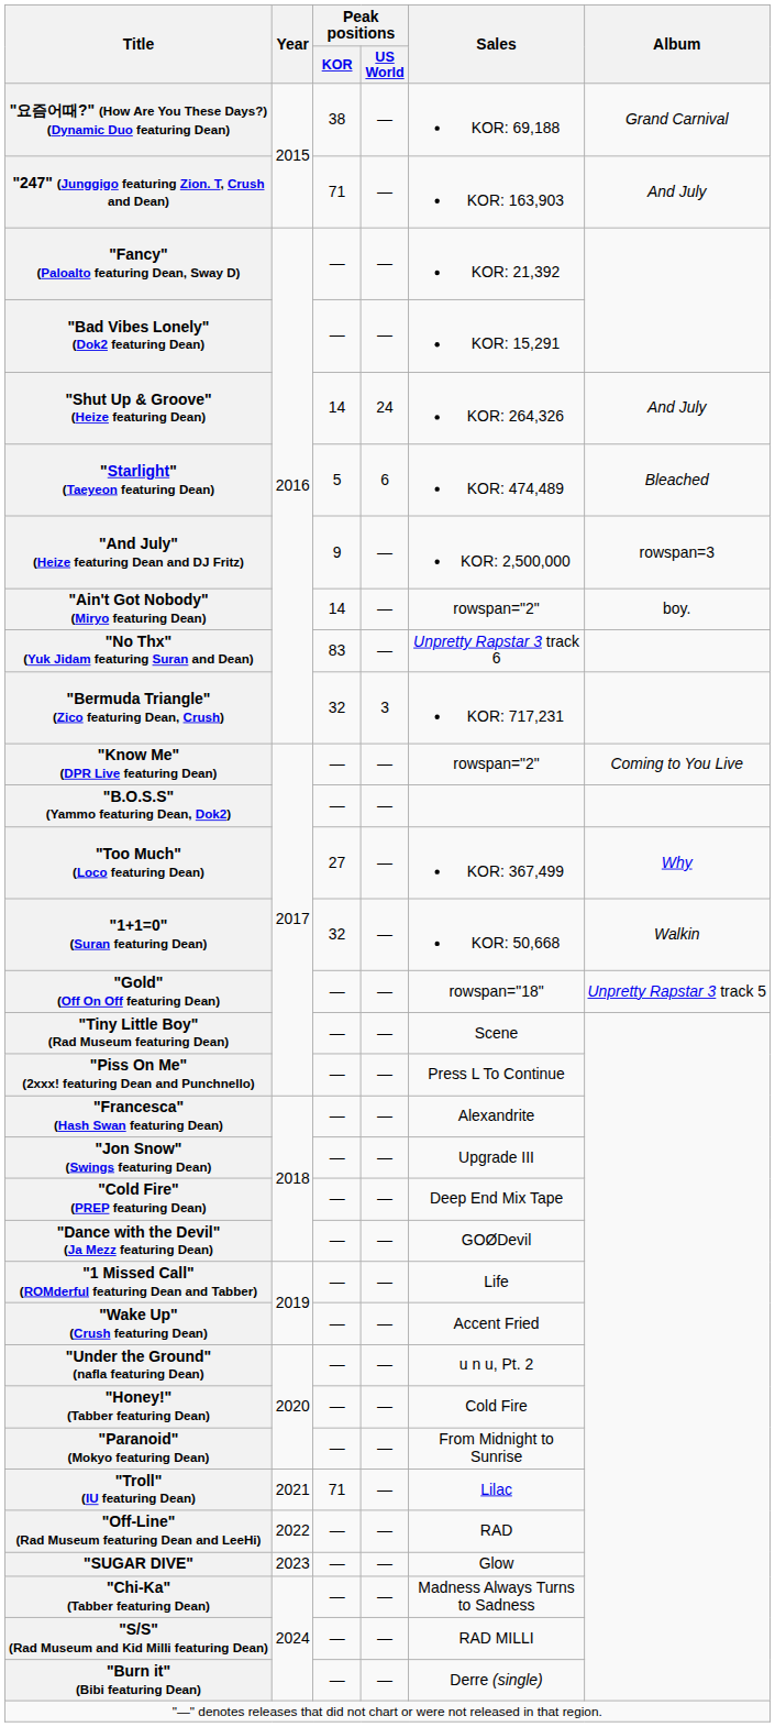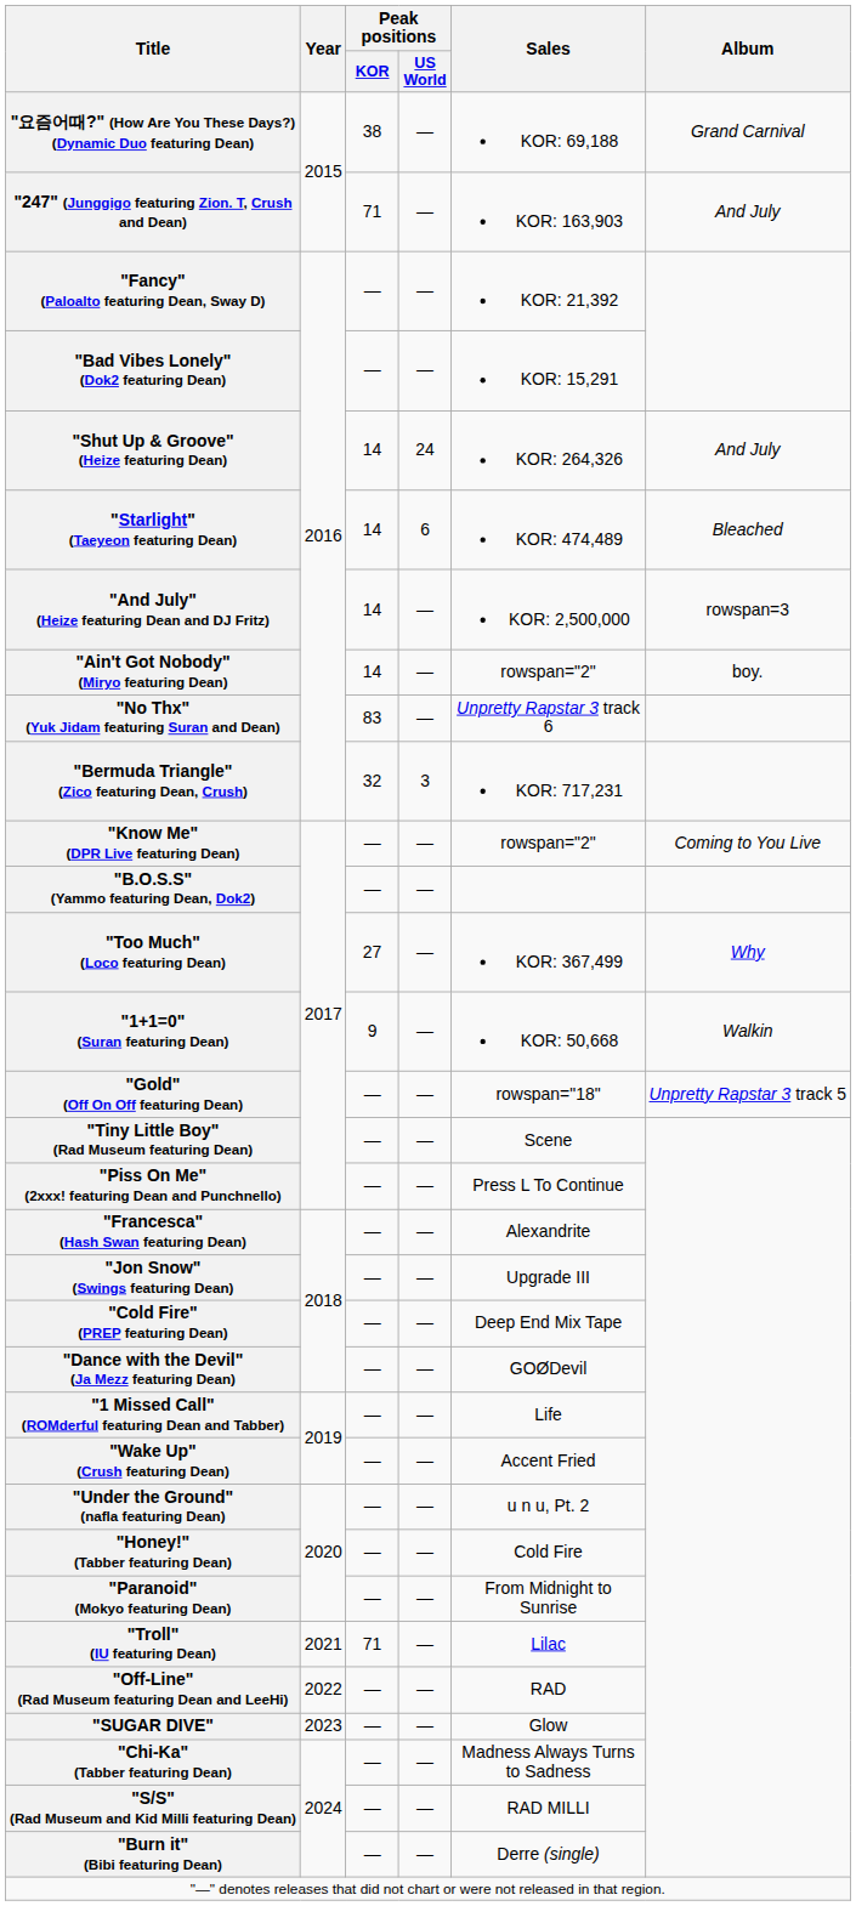 <table class="wikitable plainrowheaders" style="text-align:center;">
 <tr>
 <th scope="col" rowspan="2" style="width:17em;">Title</th>
 <th scope="col" rowspan="2">Year</th>
 <th scope="col" colspan="2">Peak positions</th>
 <th scope="col" rowspan="2" style="width:11em;">Sales</th>
 <th scope="col" rowspan="2">Album</th>
 </tr>
 <tr>
 <th scope="col" style="width:3em;font-size:90%;"><a href='#'>KOR</a><br></th>
 <th scope="col" style="width:3em;font-size:90%;"><a href='#'>US World</a><br></th>
 </tr>
 <tr>
 <th scope="row">"요즘어때?" <small>(How Are You These Days?)</small> <small>(<a href='#'>Dynamic Duo</a> featuring Dean)</small></th>
 <td rowspan=2>2015</td>
 <td>38</td>
 <td>—</td>
 <td><br><ul><li>KOR: 69,188</li></ul></td>
 <td><em>Grand Carnival</em></td>
 </tr>
 <tr>
 <th scope="row">"247" <small>(<a href='#'>Junggigo</a> featuring <a href='#'>Zion. T</a>, <a href='#'>Crush</a> and Dean)</small></th>
 <td>71</td>
 <td>—</td>
 <td><br><ul><li>KOR: 163,903</li></ul></td>
 <td><em>And July</em></td>
 </tr>
 <tr>
 <th scope="row">"Fancy"<br><small>(<a href='#'>Paloalto</a> featuring Dean, Sway D)</small></th>
 <td rowspan=8>2016</td>
 <td>—</td>
 <td>—</td>
 <td><br><ul><li>KOR: 21,392</li></ul></td>
 </tr>
 <tr>
 <th scope="row">"Bad Vibes Lonely"<br><small>(<a href='#'>Dok2</a> featuring Dean)</small></th>
 <td>—</td>
 <td>—</td>
 <td><br><ul><li>KOR: 15,291</li></ul></td>
 </tr>
 <tr>
 <th scope="row">"Shut Up & Groove"<br><small>(<a href='#'>Heize</a> featuring Dean)</small></th>
 <td>14</td>
 <td>24</td>
 <td><br><ul><li>KOR: 264,326</li></ul></td>
 <td><em>And July</em></td>
 </tr>
 <tr>
 <th scope="row">"<a href='#'>Starlight</a>"<br><small>(<a href='#'>Taeyeon</a> featuring Dean)</small></th>
-<td>5</td>
+<td>14</td>
 <td>6</td>
 <td><br><ul><li>KOR: 474,489</li></ul></td>
 <td><em>Bleached</em></td>
 </tr>
 <tr>
 <th scope="row">"And July"<br><small>(<a href='#'>Heize</a> featuring Dean and DJ Fritz)</small></th>
-<td>9</td>
+<td>14</td>
 <td>—</td>
 <td><br><ul><li>KOR: 2,500,000</li></ul></td>
 <td>rowspan=3 </td>
 </tr>
 <tr>
 <th scope="row">"Ain't Got Nobody"<br><small> (<a href='#'>Miryo</a> featuring Dean) </small></th>
 <td>14</td>
 <td>—</td>
 <td>rowspan="2" </td>
 <td></em>boy.<em></td>
 </tr>
 <tr>
 <th scope="row">"No Thx" <br><small> (<a href='#'>Yuk Jidam</a> featuring <a href='#'>Suran</a> and Dean) </small></th>
 <td>83</td>
 <td>—</td>
 <td><em><a href='#'>Unpretty Rapstar 3</a></em> track 6</td>
 </tr>
 <tr>
 <th scope="row">"Bermuda Triangle" <br><small>(<a href='#'>Zico</a> featuring Dean, <a href='#'>Crush</a>)</small></th>
 <td>32</td>
 <td>3</td>
 <td><br><ul><li>KOR: 717,231</li></ul></td>
 <td></td>
 </tr>
 <tr>
 <th scope="row">"Know Me" <br><small>(<a href='#'>DPR Live</a> featuring Dean)</small></th>
 <td rowspan="7">2017</td>
 <td>—</td>
 <td>—</td>
 <td>rowspan="2" </td>
 <td><em>Coming to You Live</em></td>
 </tr>
 <tr>
 <th scope="row">"B.O.S.S" <br><small>(Yammo featuring Dean, <a href='#'>Dok2</a>)</small></th>
 <td>—</td>
 <td>—</td>
 <td></td>
 </tr>
 <tr>
 <th scope="row">"Too Much" <br><small>(<a href='#'>Loco</a> featuring Dean)</small></th>
 <td>27</td>
 <td>—</td>
 <td><br><ul><li>KOR: 367,499</li></ul></td>
 <td><em><a href='#'>Why</a></em></td>
 </tr>
 <tr>
 <th scope="row">"1+1=0" <br><small>(<a href='#'>Suran</a> featuring Dean)</small></th>
-<td>32</td>
+<td>9</td>
 <td>—</td>
 <td><br><ul><li>KOR: 50,668</li></ul></td>
 <td><em>Walkin<strong></td>
 </tr>
 <tr>
 <th scope="row">"Gold" <br><small>(<a href='#'>Off On Off</a> featuring Dean)</small></th>
 <td>—</td>
 <td>—</td>
 <td>rowspan="18" </td>
 <td><em><a href='#'>Unpretty Rapstar 3</a></em> track 5</td>
 </tr>
 <tr>
 <th scope="row">"Tiny Little Boy" <br><small>(Rad Museum featuring Dean)</small></th>
 <td>—</td>
 <td>—</td>
 <td></em>Scene<em></td>
 </tr>
 <tr>
 <th scope="row">"Piss On Me" <br><small>(2xxx! featuring Dean and Punchnello)</small></th>
 <td>—</td>
 <td>—</td>
 <td></em>Press L To Continue<em></td>
 </tr>
 <tr>
 <th scope="row">"Francesca" <br><small>(<a href='#'>Hash Swan</a> featuring Dean)</small></th>
 <td rowspan="4">2018</td>
 <td>—</td>
 <td>—</td>
 <td></em>Alexandrite<em></td>
 </tr>
 <tr>
 <th scope="row">"Jon Snow" <br><small>(<a href='#'>Swings</a> featuring Dean)</small></th>
 <td>—</td>
 <td>—</td>
 <td></em>Upgrade III<em></td>
 </tr>
 <tr>
 <th scope="row">"Cold Fire" <br><small>(<a href='#'>PREP</a> featuring Dean)</small></th>
 <td>—</td>
 <td>—</td>
 <td></em>Deep End Mix Tape<em></td>
 </tr>
 <tr>
 <th scope="row">"Dance with the Devil" <br><small>(<a href='#'>Ja Mezz</a> featuring Dean)</small></th>
 <td>—</td>
 <td>—</td>
 <td></em>GOØDevil<em></td>
 </tr>
 <tr>
 <th scope="row">"1 Missed Call" <br><small>(<a href='#'>ROMderful</a> featuring Dean and Tabber)</small></th>
 <td rowspan="2">2019</td>
 <td>—</td>
 <td>—</td>
 <td></em>Life<em></td>
 </tr>
 <tr>
 <th scope="row">"Wake Up" <br><small>(<a href='#'>Crush</a> featuring Dean)</small></th>
 <td>—</td>
 <td>—</td>
 <td></em>Accent Fried<em></td>
 </tr>
 <tr>
 <th scope="row">"Under the Ground" <br><small>(nafla featuring Dean)</small></th>
 <td rowspan="3">2020</td>
 <td>—</td>
 <td>—</td>
 <td></em>u n u, Pt. 2<em></td>
 </tr>
 <tr>
 <th scope="row">"Honey!" <br><small>(Tabber featuring Dean)</small></th>
 <td>—</td>
 <td>—</td>
 <td></em>Cold Fire<em></td>
 </tr>
 <tr>
 <th scope="row">"Paranoid" <br><small>(Mokyo featuring Dean)</small></th>
 <td>—</td>
 <td>—</td>
 <td></em>From Midnight to Sunrise<em></td>
 </tr>
 <tr>
 <th scope="row">"Troll" <br><small>(<a href='#'>IU</a> featuring Dean)</small></th>
 <td>2021</td>
 <td>71</td>
 <td>—</td>
 <td></em><a href='#'>Lilac</a><em></td>
 </tr>
 <tr>
 <th scope="row">"Off-Line" <br><small>(Rad Museum featuring Dean and LeeHi)</small></th>
 <td>2022</td>
 <td>—</td>
 <td>—</td>
 <td></em>RAD<em></td>
 </tr>
 <tr>
 <th scope="row">"SUGAR DIVE" </th>
 <td>2023</td>
 <td>—</td>
 <td>—</td>
 <td></em>Glow<em></td>
 </tr>
 <tr>
 <th scope="row">"Chi-Ka" <br><small>(Tabber featuring Dean)</small></th>
 <td rowspan="3">2024</td>
 <td>—</td>
 <td>—</td>
 <td></em>Madness Always Turns to Sadness<em></td>
 </tr>
 <tr>
 <th scope="row">"S/S" <br><small>(Rad Museum and Kid Milli featuring Dean)</small></th>
 <td>—</td>
 <td>—</td>
 <td></em>RAD MILLI<em></td>
 </tr>
 <tr>
 <th scope="row">"Burn it" <br><small>(Bibi featuring Dean)</small></th>
 <td>—</td>
 <td>—</td>
 <td></em>Derre<em> (single)</td>
 </tr>
 <tr>
 <td align="center" colspan="6" style="font-size:85%">"—" denotes releases that did not chart or were not released in that region.</td>
 </tr>
 </table>
